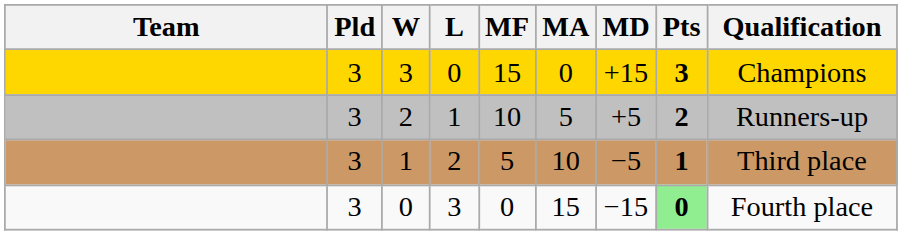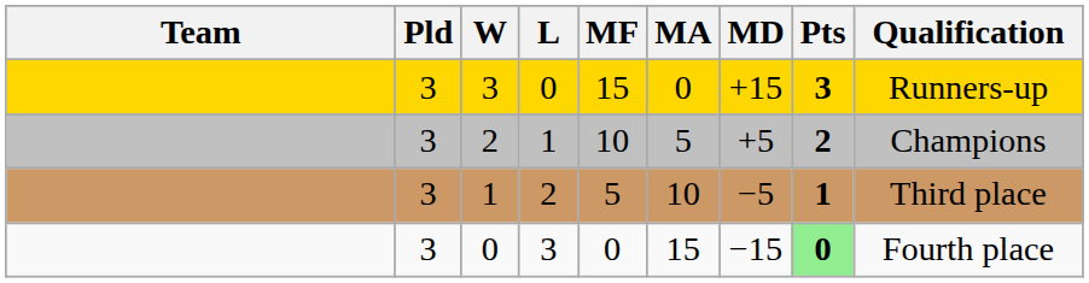 <table class="wikitable" style="text-align:center">
 <tr>
 <th width="175">Team</th>
 <th width="20">Pld</th>
 <th width="20">W</th>
 <th width="20">L</th>
 <th width="20">MF</th>
 <th width="20">MA</th>
 <th width="20">MD</th>
 <th width="20">Pts</th>
 <th width="100">Qualification</th>
 </tr>
 <tr bgcolor="gold">
 <td align="left"></td>
 <td>3</td>
 <td>3</td>
 <td>0</td>
 <td>15</td>
 <td>0</td>
 <td>+15</td>
 <td><strong>3</strong></td>
-<td>Champions</td>
+<td>Runners-up</td>
 </tr>
 <tr bgcolor="silver">
 <td align="left"></td>
 <td>3</td>
 <td>2</td>
 <td>1</td>
 <td>10</td>
 <td>5</td>
 <td>+5</td>
 <td><strong>2</strong></td>
-<td>Runners-up</td>
+<td>Champions</td>
 </tr>
 <tr bgcolor="cc9966">
 <td align="left"></td>
 <td>3</td>
 <td>1</td>
 <td>2</td>
 <td>5</td>
 <td>10</td>
 <td>−5</td>
 <td><strong>1</strong></td>
 <td>Third place</td>
 </tr>
 <tr>
 <td align="left"></td>
 <td>3</td>
 <td>0</td>
 <td>3</td>
 <td>0</td>
 <td>15</td>
 <td>−15</td>
 <td style="background: lightgreen;"><strong>0</strong></td>
 <td>Fourth place</td>
 </tr>
 </table>
